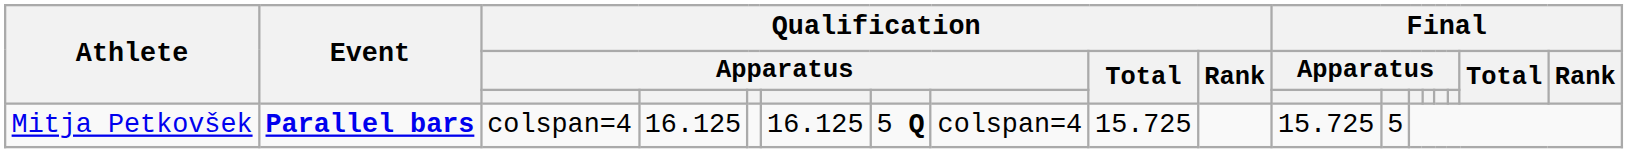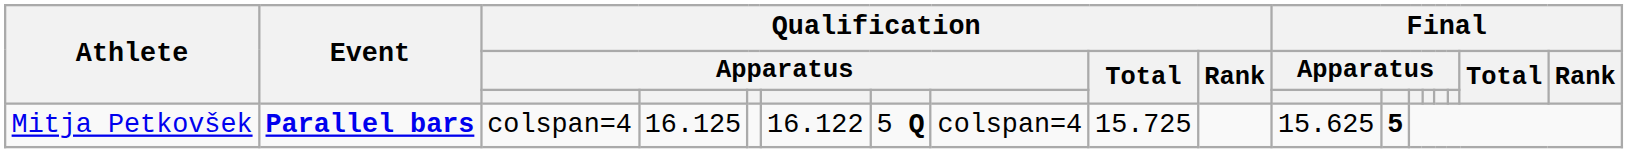 <table class="wikitable" style="font-size:90%">
 <tr>
 <th rowspan=3>Athlete</th>
 <th rowspan=3>Event</th>
 <th colspan =8>Qualification</th>
 <th colspan =8>Final</th>
 </tr>
 <tr style="font-size:95%">
 <th colspan=6>Apparatus</th>
 <th rowspan=2>Total</th>
 <th rowspan=2>Rank</th>
 <th colspan=6>Apparatus</th>
 <th rowspan=2>Total</th>
 <th rowspan=2>Rank</th>
 </tr>
 <tr style="font-size:95%">
 <th></th>
 <th></th>
 <th></th>
 <th></th>
 <th></th>
 <th></th>
 <th></th>
 <th></th>
 <th></th>
 <th></th>
 <th></th>
 <th></th>
 </tr>
 <tr align=center>
 <td align=left><a href='#'>Mitja Petkovšek</a></td>
 <td align=left><strong><a href='#'>Parallel bars</a></strong></td>
 <td>colspan=4 </td>
 <td>16.125</td>
 <td></td>
-<td>16.125</td>
+<td>16.122</td>
 <td>5 <strong>Q</strong></td>
 <td>colspan=4 </td>
 <td>15.725</td>
 <td></td>
-<td>15.725</td>
-<td>5</td>
+<td>15.625</td>
+<td><strong>5</strong></td>
 </tr>
 </table>
